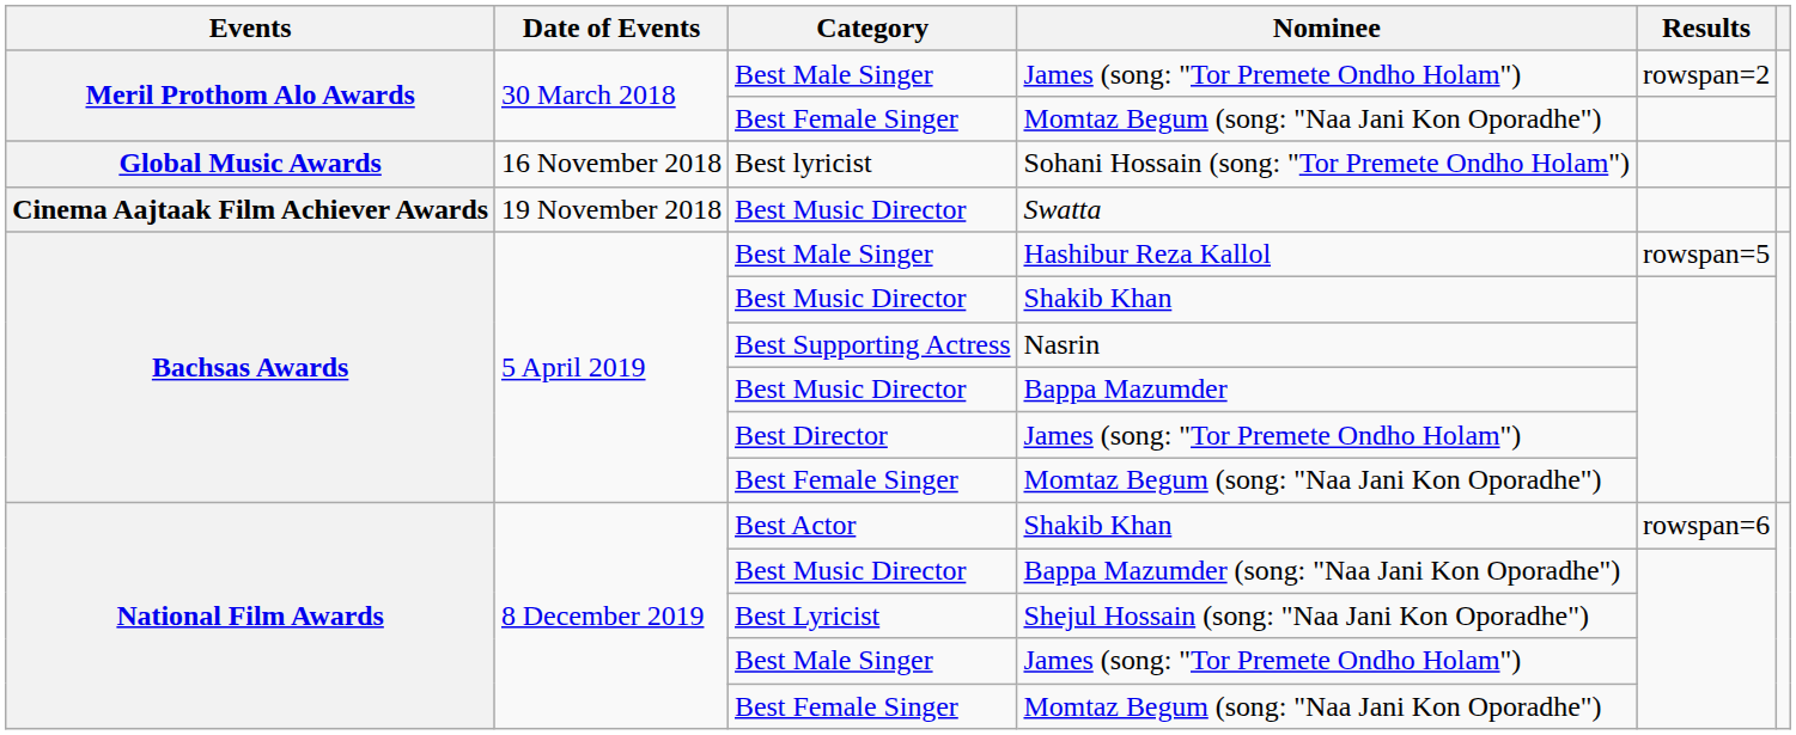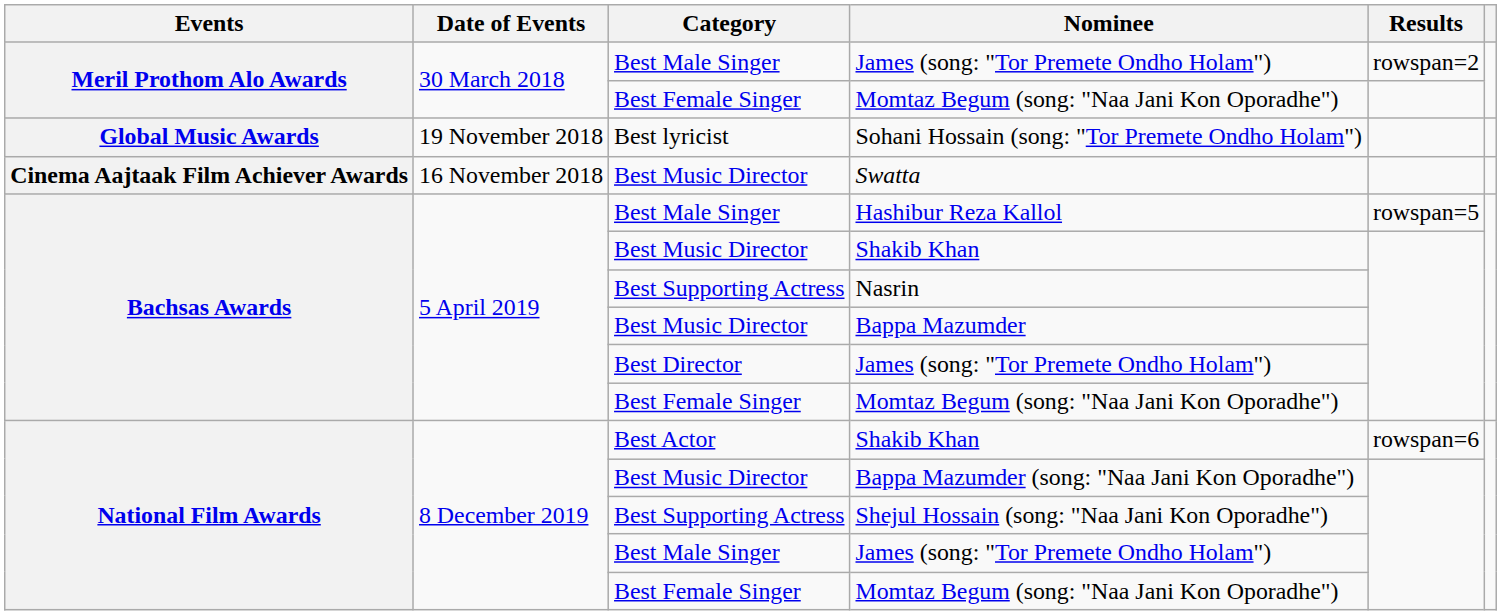 <table class="wikitable">
 <tr>
 <th>Events</th>
 <th>Date of Events</th>
 <th>Category</th>
 <th>Nominee</th>
 <th>Results</th>
 <th></th>
 </tr>
 <tr>
 <th rowspan=2><a href='#'>Meril Prothom Alo Awards</a></th>
 <td rowspan=2><a href='#'>30 March 2018</a></td>
 <td><a href='#'>Best Male Singer</a></td>
 <td><a href='#'>James</a> (song: "<a href='#'>Tor Premete Ondho Holam</a>")</td>
 <td>rowspan=2 </td>
 <td rowspan=2><br></td>
 </tr>
 <tr>
 <td><a href='#'>Best Female Singer</a></td>
 <td><a href='#'>Momtaz Begum</a> (song: "Naa Jani Kon Oporadhe")</td>
 </tr>
 <tr>
 <th><a href='#'>Global Music Awards</a></th>
-<td>16 November 2018</td>
+<td>19 November 2018</td>
 <td>Best lyricist</td>
 <td>Sohani Hossain (song: "<a href='#'>Tor Premete Ondho Holam</a>")</td>
 <td></td>
 <td><br></td>
 </tr>
 <tr>
 <th>Cinema Aajtaak Film Achiever Awards</th>
-<td>19 November 2018</td>
+<td>16 November 2018</td>
 <td><a href='#'>Best Music Director</a></td>
 <td><em>Swatta</em></td>
 <td></td>
 <td><br></td>
 </tr>
 <tr>
 <th rowspan=6><a href='#'>Bachsas Awards</a></th>
 <td rowspan=6><a href='#'>5 April 2019</a></td>
 <td><a href='#'>Best Male Singer</a></td>
 <td><a href='#'>Hashibur Reza Kallol</a></td>
 <td>rowspan=5 </td>
 <td rowspan=6><br><br></td>
 </tr>
 <tr>
 <td><a href='#'>Best Music Director</a></td>
 <td><a href='#'>Shakib Khan</a></td>
 </tr>
 <tr>
 <td><a href='#'>Best Supporting Actress</a></td>
 <td>Nasrin</td>
 </tr>
 <tr>
 <td><a href='#'>Best Music Director</a></td>
 <td><a href='#'>Bappa Mazumder</a></td>
 </tr>
 <tr>
 <td><a href='#'>Best Director</a></td>
 <td><a href='#'>James</a> (song: "<a href='#'>Tor Premete Ondho Holam</a>")</td>
 </tr>
 <tr>
 <td><a href='#'>Best Female Singer</a></td>
 <td><a href='#'>Momtaz Begum</a> (song: "Naa Jani Kon Oporadhe")</td>
 </tr>
 <tr>
 <th rowspan=5><a href='#'>National Film Awards</a></th>
 <td rowspan=5><a href='#'>8 December 2019</a></td>
 <td><a href='#'>Best Actor</a></td>
 <td><a href='#'>Shakib Khan</a></td>
 <td>rowspan=6 </td>
 <td rowspan=5><br></td>
 </tr>
 <tr>
 <td><a href='#'>Best Music Director</a></td>
 <td><a href='#'>Bappa Mazumder</a> (song: "Naa Jani Kon Oporadhe")</td>
 </tr>
 <tr>
-<td><a href='#'>Best Lyricist</a></td>
+<td><a href='#'>Best Supporting Actress</a></td>
 <td><a href='#'>Shejul Hossain</a> (song: "Naa Jani Kon Oporadhe")</td>
 </tr>
 <tr>
 <td><a href='#'>Best Male Singer</a></td>
 <td><a href='#'>James</a> (song: "<a href='#'>Tor Premete Ondho Holam</a>")</td>
 </tr>
 <tr>
 <td><a href='#'>Best Female Singer</a></td>
 <td><a href='#'>Momtaz Begum</a> (song: "Naa Jani Kon Oporadhe")</td>
 </tr>
 </table>
